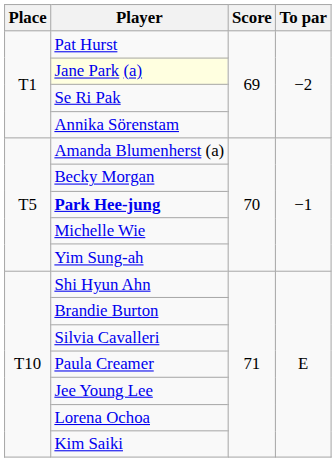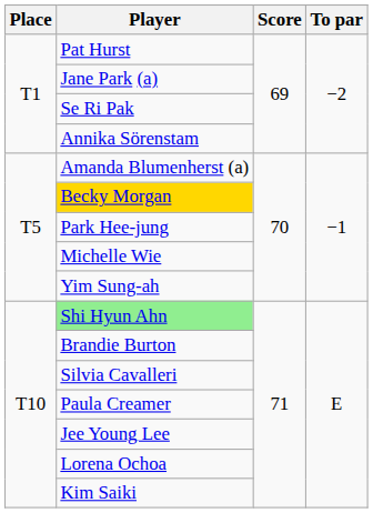 <table class="wikitable">
 <tr>
 <th>Place</th>
 <th>Player</th>
 <th>Score</th>
 <th>To par</th>
 </tr>
 <tr>
 <td align=center rowspan=4>T1</td>
 <td> <a href='#'>Pat Hurst</a></td>
 <td align=center rowspan=4>69</td>
 <td align=center rowspan=4>−2</td>
 </tr>
 <tr>
-<td style="background: lightyellow;"> <a href='#'>Jane Park</a> <a href='#'>(a)</a></td>
+<td> <a href='#'>Jane Park</a> <a href='#'>(a)</a></td>
 </tr>
 <tr>
 <td> <a href='#'>Se Ri Pak</a></td>
 </tr>
 <tr>
 <td> <a href='#'>Annika Sörenstam</a></td>
 </tr>
 <tr>
 <td align=center rowspan=5>T5</td>
 <td> <a href='#'>Amanda Blumenherst</a> (a)</td>
 <td align=center rowspan=5>70</td>
 <td align=center rowspan=5>−1</td>
 </tr>
 <tr>
-<td> <a href='#'>Becky Morgan</a></td>
+<td style="background: gold;"> <a href='#'>Becky Morgan</a></td>
 </tr>
 <tr>
-<td><strong> <a href='#'>Park Hee-jung</a></strong></td>
+<td> <a href='#'>Park Hee-jung</a></td>
 </tr>
 <tr>
 <td> <a href='#'>Michelle Wie</a></td>
 </tr>
 <tr>
 <td> <a href='#'>Yim Sung-ah</a></td>
 </tr>
 <tr>
 <td align=center rowspan=7>T10</td>
-<td> <a href='#'>Shi Hyun Ahn</a></td>
+<td style="background: lightgreen;"> <a href='#'>Shi Hyun Ahn</a></td>
 <td align=center rowspan=7>71</td>
 <td align=center rowspan=7>E</td>
 </tr>
 <tr>
 <td> <a href='#'>Brandie Burton</a></td>
 </tr>
 <tr>
 <td> <a href='#'>Silvia Cavalleri</a></td>
 </tr>
 <tr>
 <td> <a href='#'>Paula Creamer</a></td>
 </tr>
 <tr>
 <td> <a href='#'>Jee Young Lee</a></td>
 </tr>
 <tr>
 <td> <a href='#'>Lorena Ochoa</a></td>
 </tr>
 <tr>
 <td> <a href='#'>Kim Saiki</a></td>
 </tr>
 </table>
